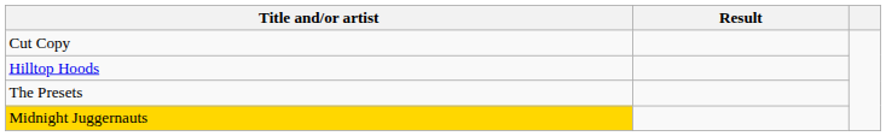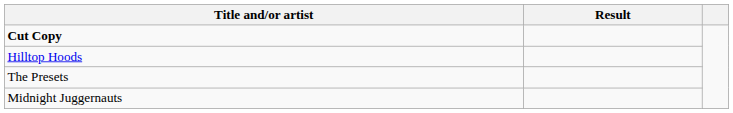 <table class="wikitable" width="100%">
 <tr>
 <th scope="col">Title and/or artist</th>
 <th scope="col">Result</th>
 <th scope="col"></th>
 </tr>
 <tr>
-<td>Cut Copy</td>
+<td><strong>Cut Copy</strong></td>
 <td></td>
 <td rowspan="4"></td>
 </tr>
 <tr>
 <td><a href='#'>Hilltop Hoods</a></td>
 <td></td>
 </tr>
 <tr>
 <td>The Presets</td>
 <td></td>
 </tr>
 <tr>
-<td style="background: gold;">Midnight Juggernauts</td>
+<td>Midnight Juggernauts</td>
 <td></td>
 </tr>
 </table>
